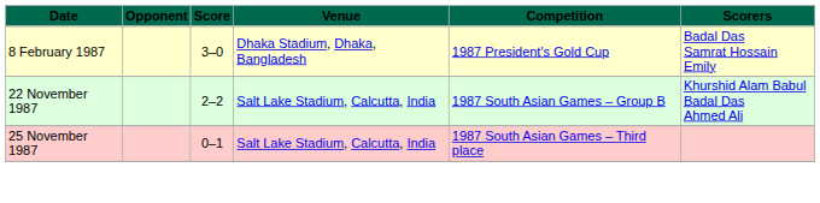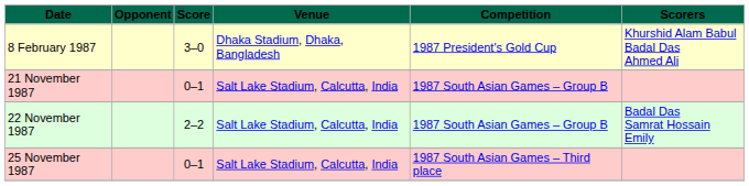 <table class="wikitable" width=100% style="text-align:left;font-size:90%;">
 <tr>
 <th style="background:#006a4e;"><span>Date</span></th>
 <th style="background:#006a4e;"><span>Opponent</span></th>
 <th style="background:#006a4e;"><span>Score</span></th>
 <th style="background:#006a4e;"><span>Venue</span></th>
 <th style="background:#006a4e;"><span>Competition</span></th>
 <th style="background:#006a4e;"><span>Scorers</span></th>
 </tr>
 <tr>
 </tr>
 <tr style="background:#ffc;">
 <td>8 February 1987</td>
 <td></td>
 <td style="text-align: center">3–0</td>
 <td> <a href='#'>Dhaka Stadium</a>, <a href='#'>Dhaka</a>, <a href='#'>Bangladesh</a></td>
 <td><a href='#'>1987 President's Gold Cup</a></td>
-<td><a href='#'>Badal Das</a>  <br> <a href='#'>Samrat Hossain Emily</a> </td>
+<td><a href='#'>Khurshid Alam Babul</a>  <br> <a href='#'>Badal Das</a>  <br> <a href='#'>Ahmed Ali</a> </td>
 </tr>
 <tr>
+</tr>
+<tr style="background:#fcc;">
+<td>21 November 1987</td>
+<td></td>
+<td style="text-align: center">0–1</td>
+<td> <a href='#'>Salt Lake Stadium</a>, <a href='#'>Calcutta</a>, <a href='#'>India</a></td>
+<td><a href='#'>1987 South Asian Games – Group B</a></td>
+<td></td>
 </tr>
 <tr>
 </tr>
 <tr style="background:#dfd;">
 <td>22 November 1987</td>
 <td></td>
 <td style="text-align: center">2–2</td>
 <td> <a href='#'>Salt Lake Stadium</a>, <a href='#'>Calcutta</a>, <a href='#'>India</a></td>
 <td><a href='#'>1987 South Asian Games – Group B</a></td>
-<td><a href='#'>Khurshid Alam Babul</a>  <br> <a href='#'>Badal Das</a>  <br> <a href='#'>Ahmed Ali</a> </td>
+<td><a href='#'>Badal Das</a>  <br> <a href='#'>Samrat Hossain Emily</a> </td>
 </tr>
 <tr>
 </tr>
 <tr style="background:#fcc;">
 <td>25 November 1987</td>
 <td></td>
 <td style="text-align: center">0–1</td>
 <td> <a href='#'>Salt Lake Stadium</a>, <a href='#'>Calcutta</a>, <a href='#'>India</a></td>
 <td><a href='#'>1987 South Asian Games – Third place</a></td>
 <td></td>
 </tr>
 <tr>
 </tr>
 </table>
